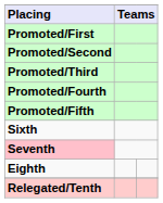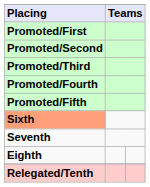 <table class=wikitable>
 <tr>
 </tr>
 <tr style="background: #E6E6FA;">
 <td><strong>Placing</strong></td>
 <td colspan="4" style="text-align:center"><strong>Teams</strong></td>
 </tr>
 <tr style="background: #ccffcc;">
 <td><strong>Promoted/First</strong></td>
 <td colspan=2><strong></strong></td>
 </tr>
 <tr style="background: #ccffcc;">
 <td><strong>Promoted/Second</strong></td>
 <td colspan=2><strong></strong></td>
 </tr>
 <tr style="background: #ccffcc;">
 <td><strong>Promoted/Third</strong></td>
 <td colspan=2><strong></strong></td>
 </tr>
 <tr style="background: #ccffcc;">
 <td><strong>Promoted/Fourth</strong></td>
 <td colspan=2><strong></strong></td>
 </tr>
 <tr style="background: #ccffcc;">
 <td><strong>Promoted/Fifth</strong></td>
 <td colspan=2><strong></strong></td>
 </tr>
 <tr>
-<td><strong>Sixth</strong></td>
+<td style="background: lightsalmon;"><strong>Sixth</strong></td>
 <td colspan=2></td>
 </tr>
 <tr>
-<td style="background: pink;"><strong>Seventh</strong></td>
+<td><strong>Seventh</strong></td>
 <td colspan=2></td>
 </tr>
 <tr>
 <td><strong>Eighth</strong></td>
 <td></td>
 <td></td>
 </tr>
 <tr>
 </tr>
 <tr style="background: #ffcccc;">
 <td><strong>Relegated/Tenth</strong></td>
 <td><em></em></td>
 <td><em></em></td>
 </tr>
 </table>
